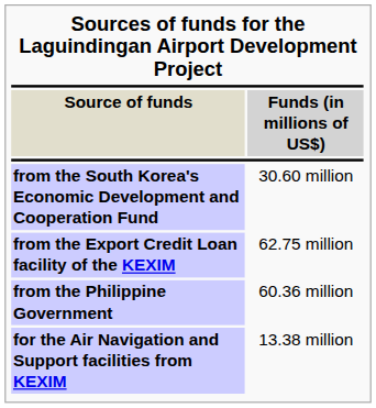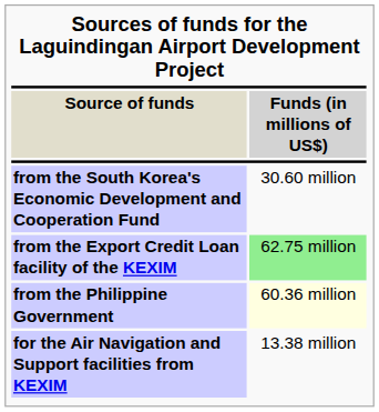 <table class="infobox" style="text-align:center; font-size:80%; line-height:16px;" width="22%">
 <tr>
 <th colspan="11"><big>Sources of funds for the Laguindingan Airport Development Project</big></th>
 </tr>
 <tr>
 <td colspan="11" style="background:black"></td>
 </tr>
 <tr>
 <th scope="col" style="background:#E1DECC;" width="5%">Source of funds</th>
 <th scope="col" style="background:lightgrey" width="2%">Funds (in millions of US$)</th>
 </tr>
 <tr>
 <td colspan="11" style="background:black"></td>
 </tr>
 <tr>
 <th style="background:#ccccff;" align="left">from the South Korea's Economic Development and Cooperation Fund</th>
 <td>30.60 million</td>
 </tr>
 <tr>
 <th style="background:#ccccff;" align="left">from the Export Credit Loan facility of the <a href='#'>KEXIM</a></th>
-<td>62.75 million</td>
+<td style="background: lightgreen;">62.75 million</td>
 </tr>
 <tr>
 <th style="background:#ccccff;" align="left">from the Philippine Government</th>
-<td>60.36 million</td>
+<td style="background: lightyellow;">60.36 million</td>
 </tr>
 <tr>
 <th style="background:#ccccff;" align="left">for the Air Navigation and Support facilities from <a href='#'>KEXIM</a></th>
 <td>13.38 million</td>
 </tr>
 <tr>
 </tr>
 </table>
